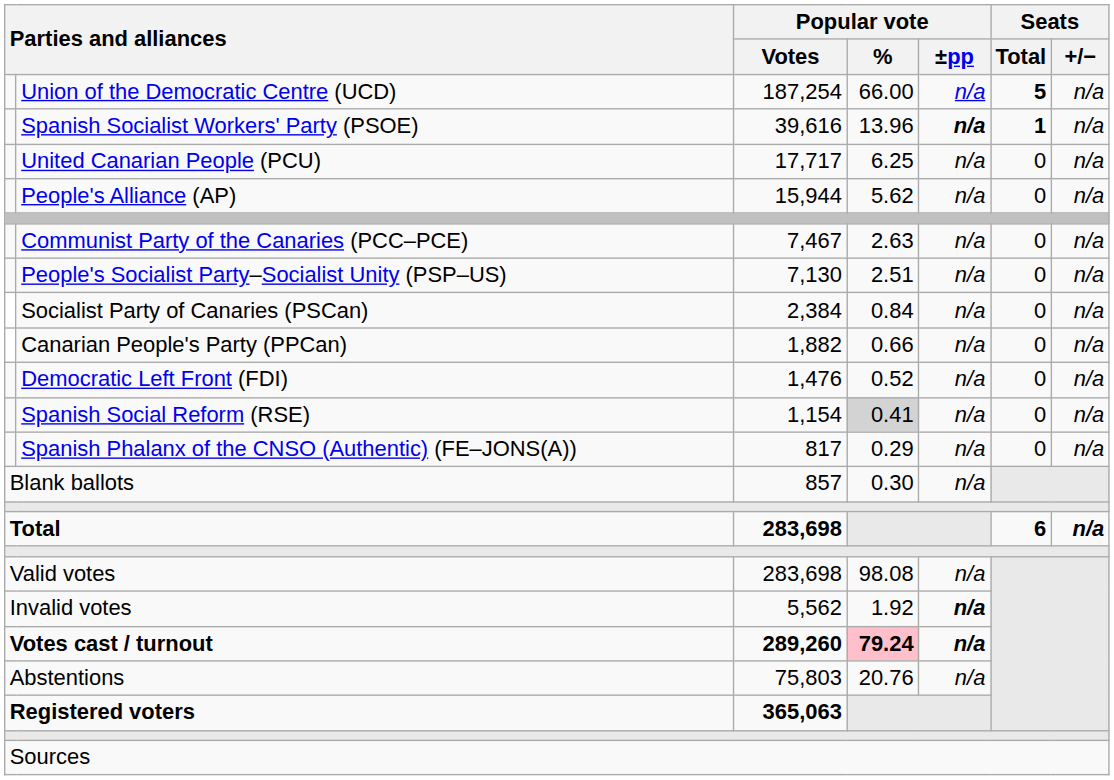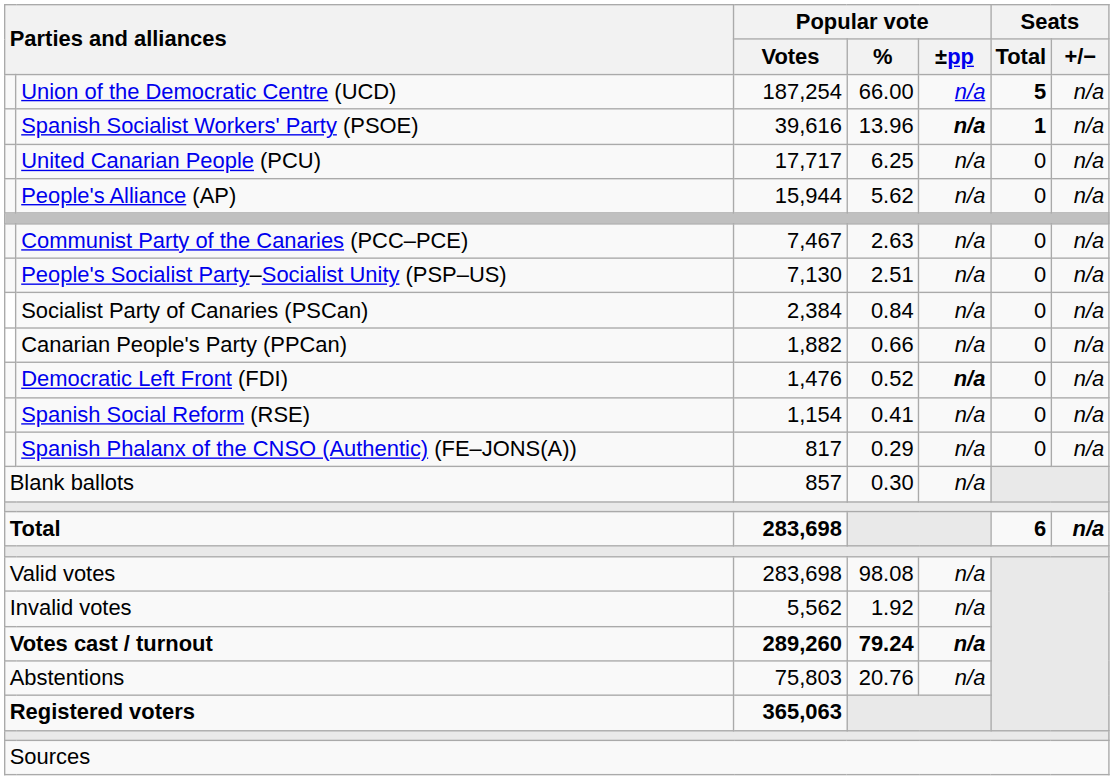 <table class="wikitable" style="text-align:right;">
 <tr>
 <th style="text-align:left;" rowspan="2" colspan="2" width="525">Parties and alliances</th>
 <th colspan="3">Popular vote</th>
 <th colspan="2">Seats</th>
 </tr>
 <tr>
 <th width="75">Votes</th>
 <th width="45">%</th>
 <th width="45">±<a href='#'>pp</a></th>
 <th width="35">Total</th>
 <th width="35">+/−</th>
 </tr>
 <tr>
 <td width="1" style="color:inherit;background:"></td>
 <td align="left"><a href='#'>Union of the Democratic Centre</a> (UCD)</td>
 <td>187,254</td>
 <td>66.00</td>
 <td><em><a href='#'>n/a</a></em></td>
 <td><strong>5</strong></td>
 <td><em>n/a</em></td>
 </tr>
 <tr>
 <td style="color:inherit;background:"></td>
 <td align="left"><a href='#'>Spanish Socialist Workers' Party</a> (PSOE)</td>
 <td>39,616</td>
 <td>13.96</td>
 <td><strong><em>n/a</em></strong></td>
 <td><strong>1</strong></td>
 <td><em>n/a</em></td>
 </tr>
 <tr>
 <td style="color:inherit;background:"></td>
 <td align="left"><a href='#'>United Canarian People</a> (PCU)</td>
 <td>17,717</td>
 <td>6.25</td>
 <td><em>n/a</em></td>
 <td>0</td>
 <td><em>n/a</em></td>
 </tr>
 <tr>
 <td style="color:inherit;background:"></td>
 <td align="left"><a href='#'>People's Alliance</a> (AP)</td>
 <td>15,944</td>
 <td>5.62</td>
 <td><em>n/a</em></td>
 <td>0</td>
 <td><em>n/a</em></td>
 </tr>
 <tr>
 <td colspan="7" bgcolor="#C0C0C0"></td>
 </tr>
 <tr>
 <td style="color:inherit;background:"></td>
 <td align="left"><a href='#'>Communist Party of the Canaries</a> (PCC–PCE)</td>
 <td>7,467</td>
 <td>2.63</td>
 <td><em>n/a</em></td>
 <td>0</td>
 <td><em>n/a</em></td>
 </tr>
 <tr>
 <td style="color:inherit;background:"></td>
 <td align="left"><a href='#'>People's Socialist Party</a>–<a href='#'>Socialist Unity</a> (PSP–US)</td>
 <td>7,130</td>
 <td>2.51</td>
 <td><em>n/a</em></td>
 <td>0</td>
 <td><em>n/a</em></td>
 </tr>
 <tr>
 <td bgcolor="white"></td>
 <td align="left">Socialist Party of Canaries (PSCan)</td>
 <td>2,384</td>
 <td>0.84</td>
 <td><em>n/a</em></td>
 <td>0</td>
 <td><em>n/a</em></td>
 </tr>
 <tr>
 <td bgcolor="white"></td>
 <td align="left">Canarian People's Party (PPCan)</td>
 <td>1,882</td>
 <td>0.66</td>
 <td><em>n/a</em></td>
 <td>0</td>
 <td><em>n/a</em></td>
 </tr>
 <tr>
 <td style="color:inherit;background:"></td>
 <td align="left"><a href='#'>Democratic Left Front</a> (FDI)</td>
 <td>1,476</td>
 <td>0.52</td>
-<td><em>n/a</em></td>
+<td><strong><em>n/a</em></strong></td>
 <td>0</td>
 <td><em>n/a</em></td>
 </tr>
 <tr>
 <td style="color:inherit;background:"></td>
 <td align="left"><a href='#'>Spanish Social Reform</a> (RSE)</td>
 <td>1,154</td>
-<td style="background: lightgrey;">0.41</td>
+<td>0.41</td>
 <td><em>n/a</em></td>
 <td>0</td>
 <td><em>n/a</em></td>
 </tr>
 <tr>
 <td style="color:inherit;background:"></td>
 <td align="left"><a href='#'>Spanish Phalanx of the CNSO (Authentic)</a> (FE–JONS(A))</td>
 <td>817</td>
 <td>0.29</td>
 <td><em>n/a</em></td>
 <td>0</td>
 <td><em>n/a</em></td>
 </tr>
 <tr>
 <td align="left" colspan="2">Blank ballots</td>
 <td>857</td>
 <td>0.30</td>
 <td><em>n/a</em></td>
 <td bgcolor="#E9E9E9" colspan="2"></td>
 </tr>
 <tr>
 <td colspan="7" bgcolor="#E9E9E9"></td>
 </tr>
 <tr style="font-weight:bold;">
 <td align="left" colspan="2">Total</td>
 <td>283,698</td>
 <td bgcolor="#E9E9E9" colspan="2"></td>
 <td>6</td>
 <td><em>n/a</em></td>
 </tr>
 <tr>
 <td colspan="7" bgcolor="#E9E9E9"></td>
 </tr>
 <tr>
 <td align="left" colspan="2">Valid votes</td>
 <td>283,698</td>
 <td>98.08</td>
 <td><em>n/a</em></td>
 <td bgcolor="#E9E9E9" colspan="2" rowspan="5"></td>
 </tr>
 <tr>
 <td align="left" colspan="2">Invalid votes</td>
 <td>5,562</td>
 <td>1.92</td>
-<td><strong><em>n/a</em></strong></td>
+<td><em>n/a</em></td>
 </tr>
 <tr style="font-weight:bold;">
 <td align="left" colspan="2">Votes cast / turnout</td>
 <td>289,260</td>
-<td style="background: pink;">79.24</td>
+<td>79.24</td>
 <td><em>n/a</em></td>
 </tr>
 <tr>
 <td align="left" colspan="2">Abstentions</td>
 <td>75,803</td>
 <td>20.76</td>
 <td><em>n/a</em></td>
 </tr>
 <tr style="font-weight:bold;">
 <td align="left" colspan="2">Registered voters</td>
 <td>365,063</td>
 <td bgcolor="#E9E9E9" colspan="2"></td>
 </tr>
 <tr>
 <td colspan="7" bgcolor="#E9E9E9"></td>
 </tr>
 <tr>
 <td align="left" colspan="7">Sources</td>
 </tr>
 </table>
